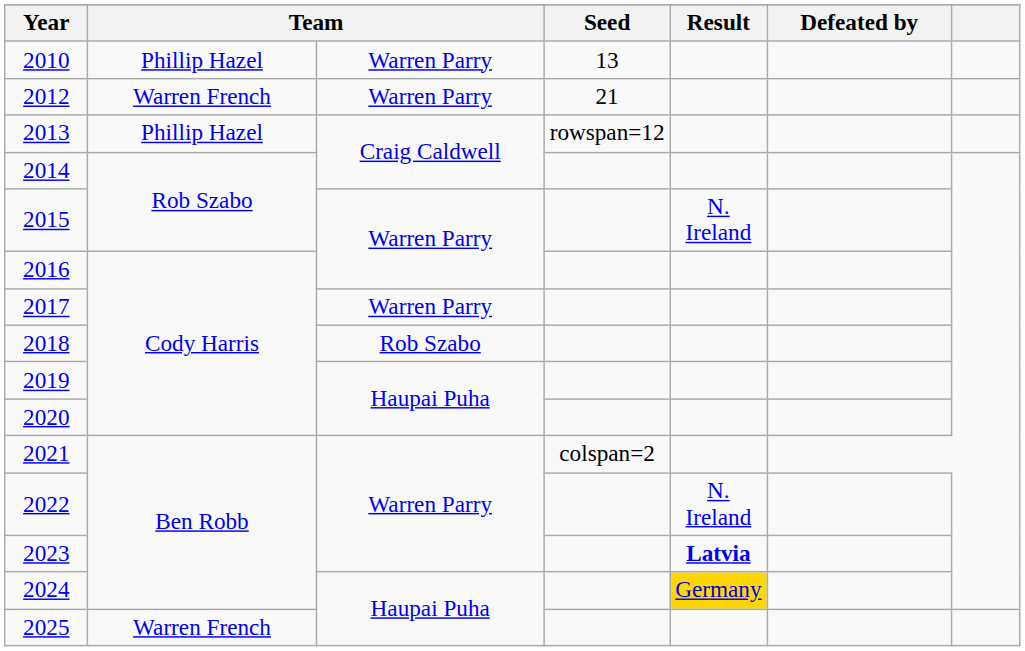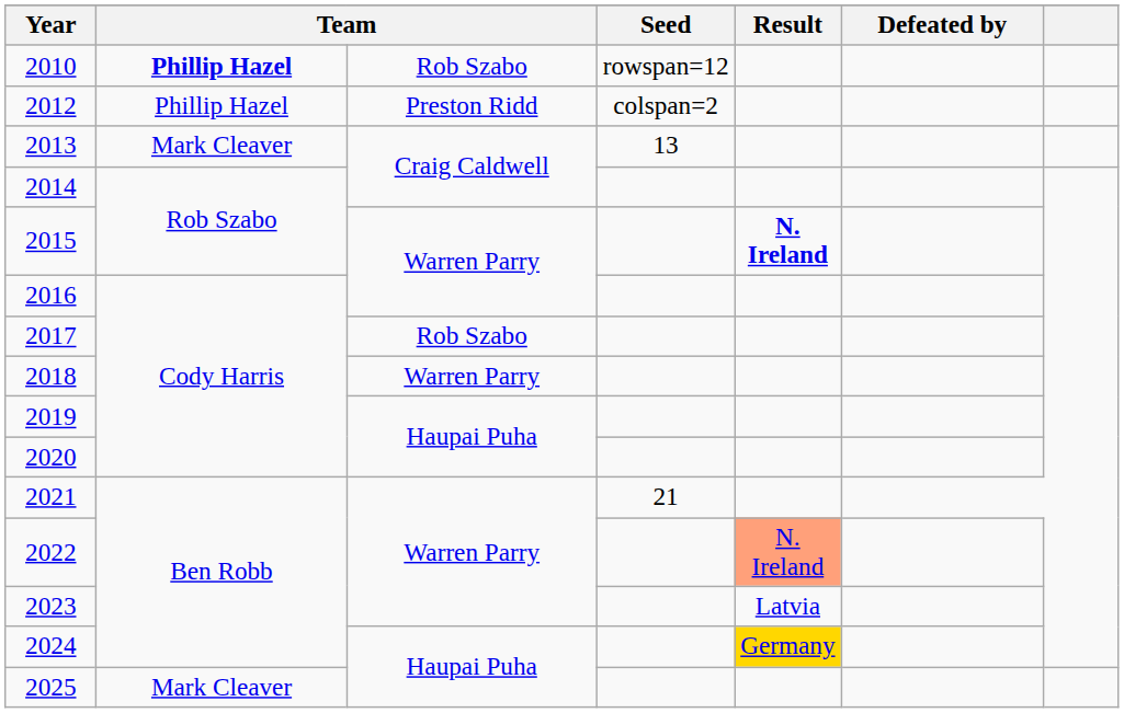 <table class="wikitable" style="text-align: center;">
 <tr style="background: #e2e2e2;">
 </tr>
 <tr style="background: #efefef;">
 <th width=50px>Year</th>
 <th colspan="2">Team</th>
 <th width=50px>Seed</th>
 <th width=50px>Result</th>
 <th width=120px>Defeated by</th>
 <th width=40px></th>
 </tr>
 <tr>
 <td><a href='#'>2010</a></td>
-<td width=150px><a href='#'>Phillip Hazel</a></td>
-<td width=150px><a href='#'>Warren Parry</a></td>
-<td>13</td>
+<td width=150px><strong><a href='#'>Phillip Hazel</a></strong></td>
+<td><a href='#'>Rob Szabo</a></td>
+<td>rowspan=12 </td>
 <td></td>
 <td> </td>
 <td></td>
 </tr>
 <tr>
 <td><a href='#'>2012</a></td>
-<td><a href='#'>Warren French</a></td>
-<td width=150px><a href='#'>Warren Parry</a></td>
-<td>21</td>
+<td width=150px><a href='#'>Phillip Hazel</a></td>
+<td><a href='#'>Preston Ridd</a></td>
+<td>colspan=2 </td>
 <td></td>
 <td> </td>
 <td></td>
 </tr>
 <tr>
 <td><a href='#'>2013</a></td>
-<td><a href='#'>Phillip Hazel</a></td>
+<td><a href='#'>Mark Cleaver</a></td>
 <td rowspan=2><a href='#'>Craig Caldwell</a></td>
-<td>rowspan=12 </td>
+<td>13</td>
 <td></td>
 <td> <br> </td>
 <td></td>
 </tr>
 <tr>
 <td><a href='#'>2014</a></td>
 <td rowspan=2><a href='#'>Rob Szabo</a></td>
 <td></td>
 <td> </td>
 <td></td>
 </tr>
 <tr>
 <td><a href='#'>2015</a></td>
 <td rowspan=2><a href='#'>Warren Parry</a></td>
 <td></td>
-<td> <a href='#'>N. Ireland</a></td>
+<td><strong> <a href='#'>N. Ireland</a></strong></td>
 <td></td>
 </tr>
 <tr>
 <td><a href='#'>2016</a></td>
 <td rowspan=5><a href='#'>Cody Harris</a></td>
 <td></td>
 <td> </td>
 <td></td>
 </tr>
 <tr>
 <td><a href='#'>2017</a></td>
-<td width=150px><a href='#'>Warren Parry</a></td>
+<td><a href='#'>Rob Szabo</a></td>
 <td></td>
 <td> </td>
 <td></td>
 </tr>
 <tr>
 <td><a href='#'>2018</a></td>
-<td><a href='#'>Rob Szabo</a></td>
+<td><a href='#'>Warren Parry</a></td>
 <td></td>
 <td> </td>
 <td></td>
 </tr>
 <tr>
 <td><a href='#'>2019</a></td>
 <td rowspan=2><a href='#'>Haupai Puha</a></td>
 <td></td>
 <td> </td>
 <td></td>
 </tr>
 <tr>
 <td><a href='#'>2020</a></td>
 <td></td>
 <td> </td>
 <td></td>
 </tr>
 <tr>
 <td><a href='#'>2021</a></td>
 <td rowspan=4 width=150px><a href='#'>Ben Robb</a></td>
 <td rowspan=3 width=150px><a href='#'>Warren Parry</a></td>
-<td>colspan=2 </td>
+<td>21</td>
 <td></td>
 </tr>
 <tr>
 <td><a href='#'>2022</a></td>
 <td></td>
-<td> <a href='#'>N. Ireland</a></td>
+<td style="background: lightsalmon;"> <a href='#'>N. Ireland</a></td>
 <td></td>
 </tr>
 <tr>
 <td><a href='#'>2023</a></td>
 <td></td>
-<td><strong> <a href='#'>Latvia</a></strong></td>
+<td> <a href='#'>Latvia</a></td>
 <td></td>
 </tr>
 <tr>
 <td><a href='#'>2024</a></td>
 <td rowspan=2><a href='#'>Haupai Puha</a></td>
 <td></td>
 <td style="background: gold;"> <a href='#'>Germany</a></td>
 <td></td>
 </tr>
 <tr>
 <td><a href='#'>2025</a></td>
-<td><a href='#'>Warren French</a></td>
+<td><a href='#'>Mark Cleaver</a></td>
 <td></td>
 <td></td>
 <td></td>
 <td></td>
 </tr>
 </table>
